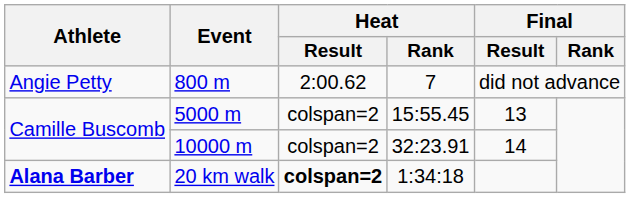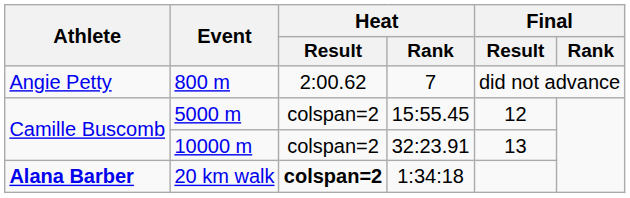 <table class=wikitable style=font-size:90%>
 <tr>
 <th rowspan=2>Athlete</th>
 <th rowspan=2>Event</th>
 <th colspan=2>Heat</th>
 <th colspan=2>Final</th>
 </tr>
 <tr style=font-size:95%>
 <th>Result</th>
 <th>Rank</th>
 <th>Result</th>
 <th>Rank</th>
 </tr>
 <tr align=center>
 <td align=left><a href='#'>Angie Petty</a></td>
 <td align=left><a href='#'>800 m</a></td>
 <td>2:00.62</td>
 <td>7</td>
 <td colspan=2>did not advance</td>
 </tr>
 <tr align=center>
 <td align=left rowspan=2><a href='#'>Camille Buscomb</a></td>
 <td align=left><a href='#'>5000 m</a></td>
 <td>colspan=2 </td>
 <td>15:55.45</td>
-<td>13</td>
+<td>12</td>
 </tr>
 <tr align=center>
 <td align=left><a href='#'>10000 m</a></td>
 <td>colspan=2 </td>
 <td>32:23.91</td>
-<td>14</td>
+<td>13</td>
 </tr>
 <tr align=center>
 <td align=left><strong><a href='#'>Alana Barber</a></strong></td>
 <td align=left><a href='#'>20 km walk</a></td>
 <td><strong>colspan=2 </strong></td>
 <td>1:34:18</td>
 <td></td>
 </tr>
 </table>
